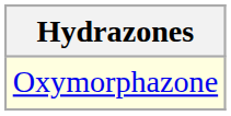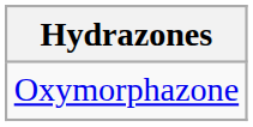 <table class="wikitable" style="font-size:smaller; text-align:center">
 <tr>
 <th colspan="5">Hydrazones</th>
 </tr>
 <tr>
-<td style="background: lightyellow;"> <a href='#'>Oxymorphazone</a></td>
+<td> <a href='#'>Oxymorphazone</a></td>
 </tr>
 </table>
